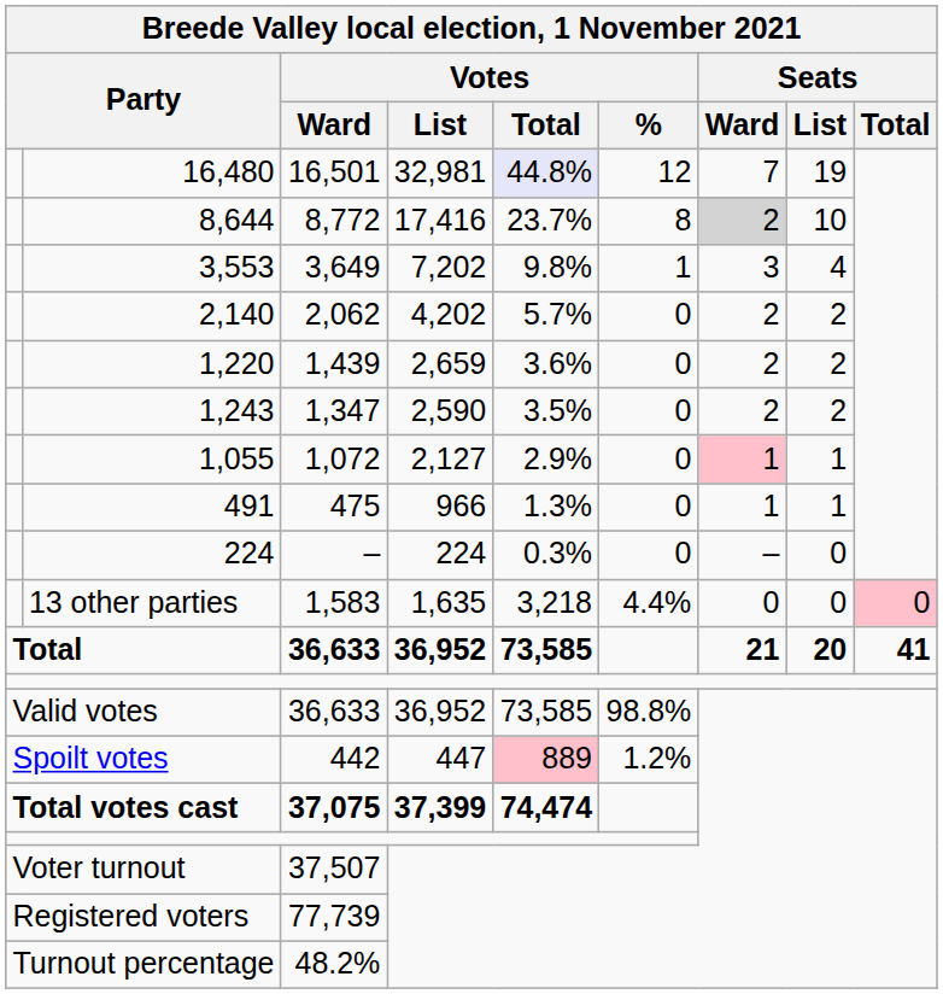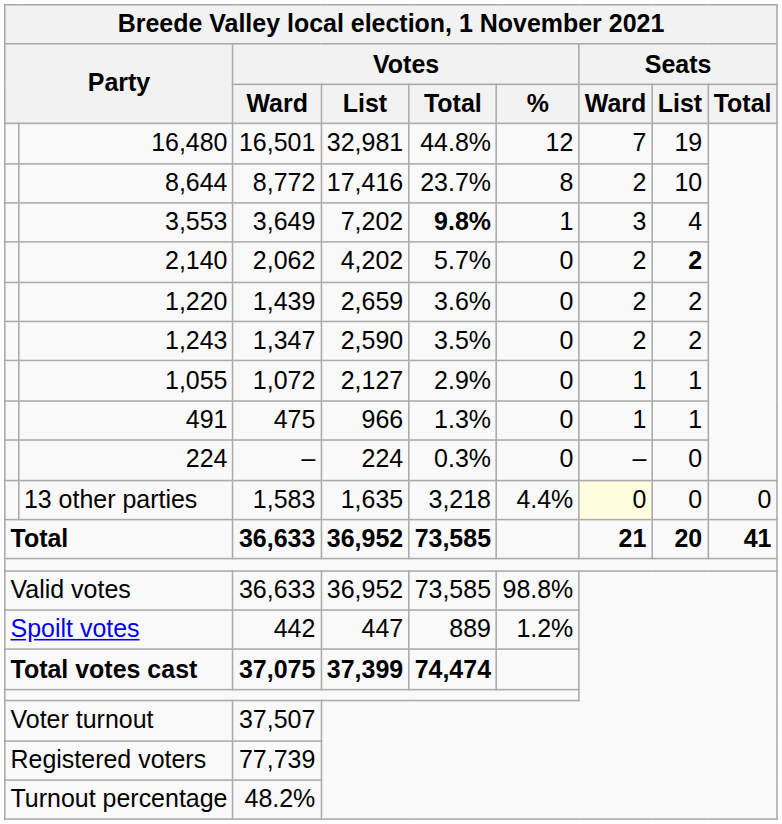 <table class=wikitable style="text-align:right">
 <tr>
 <th colspan="9" align="center">Breede Valley local election, 1 November 2021</th>
 </tr>
 <tr>
 <th rowspan="2" colspan="2">Party</th>
 <th colspan="4" align="center">Votes</th>
 <th colspan="3" align="center">Seats</th>
 </tr>
 <tr>
 <th>Ward</th>
 <th>List</th>
 <th>Total</th>
 <th>%</th>
 <th>Ward</th>
 <th>List</th>
 <th>Total</th>
 </tr>
 <tr>
 <td></td>
 <td>16,480</td>
 <td>16,501</td>
 <td>32,981</td>
-<td style="background: lavender;">44.8%</td>
+<td>44.8%</td>
 <td>12</td>
 <td>7</td>
 <td>19</td>
 </tr>
 <tr>
 <td></td>
 <td>8,644</td>
 <td>8,772</td>
 <td>17,416</td>
 <td>23.7%</td>
 <td>8</td>
-<td style="background: lightgrey;">2</td>
+<td>2</td>
 <td>10</td>
 </tr>
 <tr>
 <td></td>
 <td>3,553</td>
 <td>3,649</td>
 <td>7,202</td>
-<td>9.8%</td>
+<td><strong>9.8%</strong></td>
 <td>1</td>
 <td>3</td>
 <td>4</td>
 </tr>
 <tr>
 <td></td>
 <td>2,140</td>
 <td>2,062</td>
 <td>4,202</td>
 <td>5.7%</td>
 <td>0</td>
 <td>2</td>
-<td>2</td>
+<td><strong>2</strong></td>
 </tr>
 <tr>
 <td></td>
 <td>1,220</td>
 <td>1,439</td>
 <td>2,659</td>
 <td>3.6%</td>
 <td>0</td>
 <td>2</td>
 <td>2</td>
 </tr>
 <tr>
 <td></td>
 <td>1,243</td>
 <td>1,347</td>
 <td>2,590</td>
 <td>3.5%</td>
 <td>0</td>
 <td>2</td>
 <td>2</td>
 </tr>
 <tr>
 <td></td>
 <td>1,055</td>
 <td>1,072</td>
 <td>2,127</td>
 <td>2.9%</td>
 <td>0</td>
-<td style="background: pink;">1</td>
+<td>1</td>
 <td>1</td>
 </tr>
 <tr>
 <td></td>
 <td>491</td>
 <td>475</td>
 <td>966</td>
 <td>1.3%</td>
 <td>0</td>
 <td>1</td>
 <td>1</td>
 </tr>
 <tr>
 <td></td>
 <td>224</td>
 <td>–</td>
 <td>224</td>
 <td>0.3%</td>
 <td>0</td>
 <td>–</td>
 <td>0</td>
 </tr>
 <tr>
 <td></td>
 <td style="text-align:left">13 other parties</td>
 <td>1,583</td>
 <td>1,635</td>
 <td>3,218</td>
 <td>4.4%</td>
+<td style="background: lightyellow;">0</td>
 <td>0</td>
 <td>0</td>
-<td style="background: pink;">0</td>
 </tr>
 <tr>
 <td colspan="2" style="text-align:left"><strong>Total</strong></td>
 <td><strong>36,633</strong></td>
 <td><strong>36,952</strong></td>
 <td><strong>73,585</strong></td>
 <td></td>
 <td><strong>21</strong></td>
 <td><strong>20</strong></td>
 <td><strong>41</strong></td>
 </tr>
 <tr>
 <td colspan="9"></td>
 </tr>
 <tr>
 <td colspan="2" style="text-align:left">Valid votes</td>
 <td>36,633</td>
 <td>36,952</td>
 <td>73,585</td>
 <td>98.8%</td>
 </tr>
 <tr>
 <td colspan="2" style="text-align:left"><a href='#'>Spoilt votes</a></td>
 <td>442</td>
 <td>447</td>
-<td style="background: pink;">889</td>
+<td>889</td>
 <td>1.2%</td>
 </tr>
 <tr>
 <td colspan="2" style="text-align:left"><strong>Total votes cast</strong></td>
 <td><strong>37,075</strong></td>
 <td><strong>37,399</strong></td>
 <td><strong>74,474</strong></td>
 <td></td>
 </tr>
 <tr>
 <td colspan="6"></td>
 </tr>
 <tr>
 <td colspan="2" style="text-align:left">Voter turnout</td>
 <td>37,507</td>
 </tr>
 <tr>
 <td colspan="2" style="text-align:left">Registered voters</td>
 <td>77,739</td>
 </tr>
 <tr>
 <td colspan="2" style="text-align:left">Turnout percentage</td>
 <td>48.2%</td>
 </tr>
 </table>
